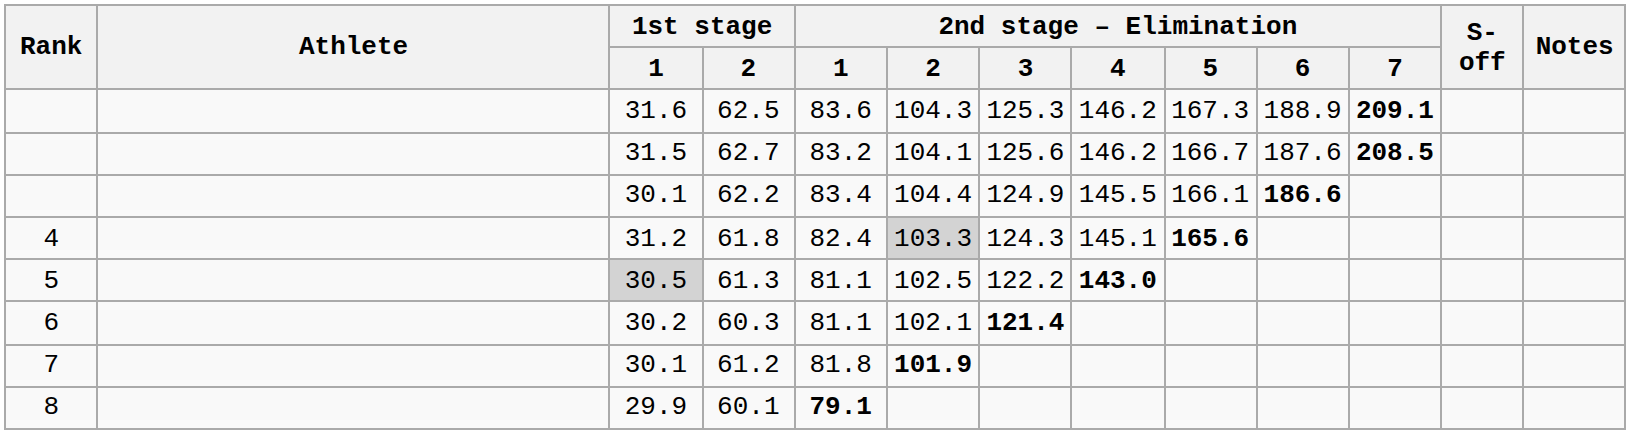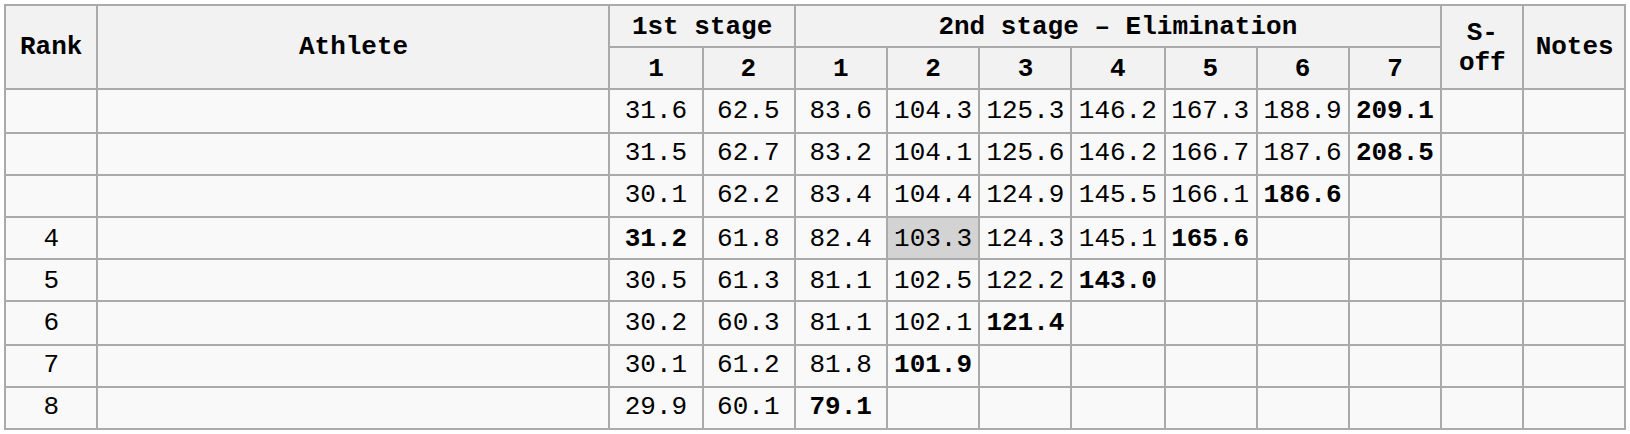 <table class="wikitable" style="text-align:center">
 <tr>
 <th rowspan=2 width=40>Rank</th>
 <th rowspan=2 width=250>Athlete</th>
 <th colspan=2>1st stage</th>
 <th colspan=7>2nd stage – Elimination</th>
 <th rowspan=2 width=35>S-off</th>
 <th rowspan=2 width=45>Notes</th>
 </tr>
 <tr>
 <th width=40>1</th>
 <th width=40>2</th>
 <th width=40>1</th>
 <th width=40>2</th>
 <th width=40>3</th>
 <th width=40>4</th>
 <th width=40>5</th>
 <th width=40>6</th>
 <th width=40>7</th>
 </tr>
 <tr>
 <td></td>
 <td align=left></td>
 <td>31.6</td>
 <td>62.5</td>
 <td>83.6</td>
 <td>104.3</td>
 <td>125.3</td>
 <td>146.2</td>
 <td>167.3</td>
 <td>188.9</td>
 <td><strong>209.1</strong></td>
 <td></td>
 <td></td>
 </tr>
 <tr>
 <td></td>
 <td align=left></td>
 <td>31.5</td>
 <td>62.7</td>
 <td>83.2</td>
 <td>104.1</td>
 <td>125.6</td>
 <td>146.2</td>
 <td>166.7</td>
 <td>187.6</td>
 <td><strong>208.5</strong></td>
 <td></td>
 <td></td>
 </tr>
 <tr>
 <td></td>
 <td align=left></td>
 <td>30.1</td>
 <td>62.2</td>
 <td>83.4</td>
 <td>104.4</td>
 <td>124.9</td>
 <td>145.5</td>
 <td>166.1</td>
 <td><strong>186.6</strong></td>
 <td></td>
 <td></td>
 <td></td>
 </tr>
 <tr>
 <td>4</td>
 <td align=left></td>
-<td>31.2</td>
+<td><strong>31.2</strong></td>
 <td>61.8</td>
 <td>82.4</td>
 <td style="background: lightgrey;">103.3</td>
 <td>124.3</td>
 <td>145.1</td>
 <td><strong>165.6</strong></td>
 <td></td>
 <td></td>
 <td></td>
 <td></td>
 </tr>
 <tr>
 <td>5</td>
 <td align=left></td>
-<td style="background: lightgrey;">30.5</td>
+<td>30.5</td>
 <td>61.3</td>
 <td>81.1</td>
 <td>102.5</td>
 <td>122.2</td>
 <td><strong>143.0</strong></td>
 <td></td>
 <td></td>
 <td></td>
 <td></td>
 <td></td>
 </tr>
 <tr>
 <td>6</td>
 <td align=left></td>
 <td>30.2</td>
 <td>60.3</td>
 <td>81.1</td>
 <td>102.1</td>
 <td><strong>121.4</strong></td>
 <td></td>
 <td></td>
 <td></td>
 <td></td>
 <td></td>
 <td></td>
 </tr>
 <tr>
 <td>7</td>
 <td align=left></td>
 <td>30.1</td>
 <td>61.2</td>
 <td>81.8</td>
 <td><strong>101.9</strong></td>
 <td></td>
 <td></td>
 <td></td>
 <td></td>
 <td></td>
 <td></td>
 <td></td>
 </tr>
 <tr>
 <td>8</td>
 <td align=left></td>
 <td>29.9</td>
 <td>60.1</td>
 <td><strong>79.1</strong></td>
 <td></td>
 <td></td>
 <td></td>
 <td></td>
 <td></td>
 <td></td>
 <td></td>
 <td></td>
 </tr>
 </table>
